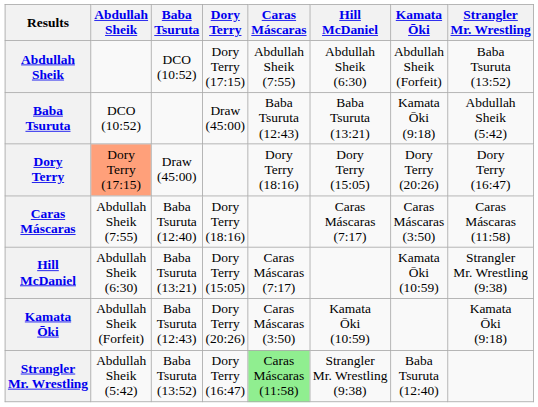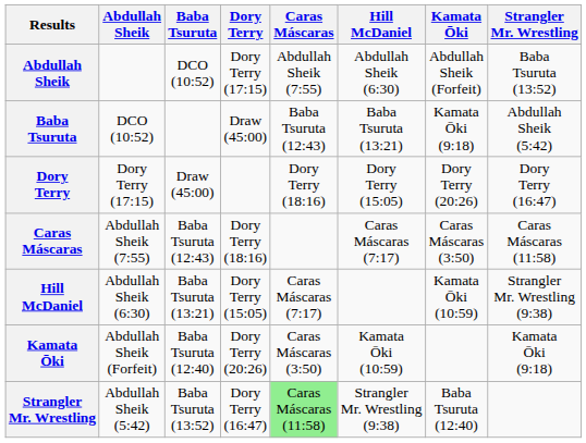 <table class="wikitable" style="text-align:center; margin: 1em auto 1em auto">
 <tr>
 <th>Results</th>
 <th><a href='#'>Abdullah</a><br><a href='#'>Sheik</a></th>
 <th><a href='#'>Baba</a><br><a href='#'>Tsuruta</a></th>
 <th><a href='#'>Dory</a><br><a href='#'>Terry</a></th>
 <th><a href='#'>Caras</a><br><a href='#'>Máscaras</a></th>
 <th><a href='#'>Hill</a><br><a href='#'>McDaniel</a></th>
 <th><a href='#'>Kamata</a><br><a href='#'>Ōki</a></th>
 <th><a href='#'>Strangler</a><br><a href='#'>Mr. Wrestling</a></th>
 </tr>
 <tr>
 <th><a href='#'>Abdullah</a><br><a href='#'>Sheik</a></th>
 <td></td>
 <td>DCO<br>(10:52)</td>
 <td>Dory<br>Terry<br>(17:15)</td>
 <td>Abdullah<br>Sheik<br>(7:55)</td>
 <td>Abdullah<br>Sheik<br>(6:30)</td>
 <td>Abdullah<br>Sheik<br>(Forfeit)</td>
 <td>Baba<br>Tsuruta<br>(13:52)</td>
 </tr>
 <tr>
 <th><a href='#'>Baba</a><br><a href='#'>Tsuruta</a></th>
 <td>DCO<br>(10:52)</td>
 <td></td>
 <td>Draw<br>(45:00)</td>
 <td>Baba<br>Tsuruta<br>(12:43)</td>
 <td>Baba<br>Tsuruta<br>(13:21)</td>
 <td>Kamata<br>Ōki<br>(9:18)</td>
 <td>Abdullah<br>Sheik<br>(5:42)</td>
 </tr>
 <tr>
 <th><a href='#'>Dory</a><br><a href='#'>Terry</a></th>
-<td style="background: lightsalmon;">Dory<br>Terry<br>(17:15)</td>
+<td>Dory<br>Terry<br>(17:15)</td>
 <td>Draw<br>(45:00)</td>
 <td></td>
 <td>Dory<br>Terry<br>(18:16)</td>
 <td>Dory<br>Terry<br>(15:05)</td>
 <td>Dory<br>Terry<br>(20:26)</td>
 <td>Dory<br>Terry<br>(16:47)</td>
 </tr>
 <tr>
 <th><a href='#'>Caras</a><br><a href='#'>Máscaras</a></th>
 <td>Abdullah<br>Sheik<br>(7:55)</td>
-<td>Baba<br>Tsuruta<br>(12:40)</td>
+<td>Baba<br>Tsuruta<br>(12:43)</td>
 <td>Dory<br>Terry<br>(18:16)</td>
 <td></td>
 <td>Caras<br>Máscaras<br>(7:17)</td>
 <td>Caras<br>Máscaras<br>(3:50)</td>
 <td>Caras<br>Máscaras<br>(11:58)</td>
 </tr>
 <tr>
 <th><a href='#'>Hill</a><br><a href='#'>McDaniel</a></th>
 <td>Abdullah<br>Sheik<br>(6:30)</td>
 <td>Baba<br>Tsuruta<br>(13:21)</td>
 <td>Dory<br>Terry<br>(15:05)</td>
 <td>Caras<br>Máscaras<br>(7:17)</td>
 <td></td>
 <td>Kamata<br>Ōki<br>(10:59)</td>
 <td>Strangler<br>Mr. Wrestling<br>(9:38)</td>
 </tr>
 <tr>
 <th><a href='#'>Kamata</a><br><a href='#'>Ōki</a></th>
 <td>Abdullah<br>Sheik<br>(Forfeit)</td>
-<td>Baba<br>Tsuruta<br>(12:43)</td>
+<td>Baba<br>Tsuruta<br>(12:40)</td>
 <td>Dory<br>Terry<br>(20:26)</td>
 <td>Caras<br>Máscaras<br>(3:50)</td>
 <td>Kamata<br>Ōki<br>(10:59)</td>
 <td></td>
 <td>Kamata<br>Ōki<br>(9:18)</td>
 </tr>
 <tr>
 <th><a href='#'>Strangler</a><br><a href='#'>Mr. Wrestling</a></th>
 <td>Abdullah<br>Sheik<br>(5:42)</td>
 <td>Baba<br>Tsuruta<br>(13:52)</td>
 <td>Dory<br>Terry<br>(16:47)</td>
 <td style="background: lightgreen;">Caras<br>Máscaras<br>(11:58)</td>
 <td>Strangler<br>Mr. Wrestling<br>(9:38)</td>
 <td>Baba<br>Tsuruta<br>(12:40)</td>
 <td></td>
 </tr>
 </table>
